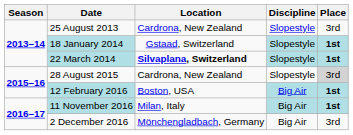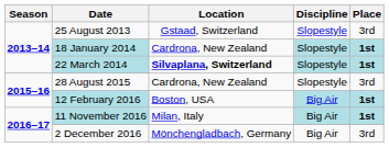 <table class="wikitable sortable"  style="text-align:center; font-size:95%;">
 <tr>
 <th>Season</th>
 <th>Date</th>
 <th>Location</th>
 <th>Discipline</th>
 <th>Place</th>
 </tr>
 <tr>
 <td rowspan=3 align=center><strong><a href='#'>2013–14</a></strong></td>
 <td align=left>25 August 2013</td>
-<td align=left> <a href='#'>Cardrona</a>, New Zealand</td>
+<td align=left>   <a href='#'>Gstaad</a>, Switzerland</td>
 <td><a href='#'>Slopestyle</a></td>
 <td>3rd</td>
 </tr>
 <tr>
 <td bgcolor="#BOEOE6" align=left>18 January 2014</td>
-<td align=left>   <a href='#'>Gstaad</a>, Switzerland</td>
+<td align=left> <a href='#'>Cardrona</a>, New Zealand</td>
 <td bgcolor="#BOEOE6">Slopestyle</td>
 <td bgcolor="#BOEOE6"><strong>1st</strong></td>
 </tr>
 <tr>
 <td bgcolor="#BOEOE6" align=left>22 March 2014</td>
 <td align=left><strong> <a href='#'>Silvaplana</a>, Switzerland</strong></td>
 <td bgcolor="#BOEOE6">Slopestyle</td>
 <td bgcolor="#BOEOE6"><strong>1st</strong></td>
 </tr>
 <tr>
 <td rowspan=2 align=center><strong><a href='#'>2015–16</a></strong></td>
 <td align=left>28 August 2015</td>
 <td align=left> Cardrona, New Zealand</td>
 <td>Slopestyle</td>
-<td style="background: lightgrey;">3rd</td>
+<td>3rd</td>
 </tr>
 <tr>
 <td bgcolor="#BOEOE6" align=left>12 February 2016</td>
 <td align=left> <a href='#'>Boston</a>, USA</td>
 <td bgcolor="#BOEOE6"><a href='#'>Big Air</a></td>
 <td bgcolor="#BOEOE6"><strong>1st</strong></td>
 </tr>
 <tr>
 <td rowspan=2 align=center><strong><a href='#'>2016–17</a></strong></td>
 <td bgcolor="#BOEOE6" align=left>11 November 2016</td>
 <td align=left> <a href='#'>Milan</a>, Italy</td>
 <td bgcolor="#BOEOE6">Big Air</td>
 <td bgcolor="#BOEOE6"><strong>1st</strong></td>
 </tr>
 <tr>
 <td align=left>2 December 2016</td>
 <td align=left> <a href='#'>Mönchengladbach</a>, Germany</td>
 <td>Big Air</td>
 <td>3rd</td>
 </tr>
 </table>
